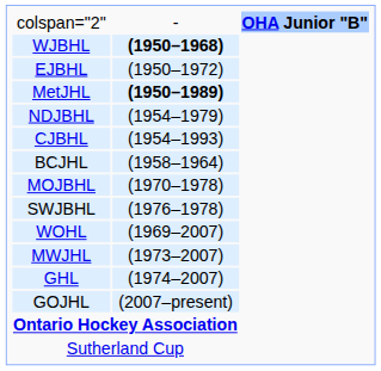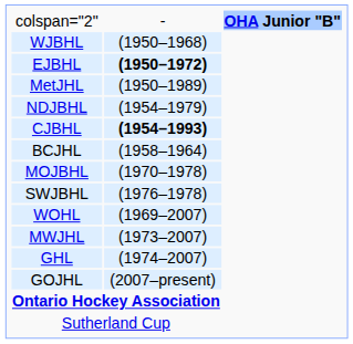 <table class="infobox" style=" text-align:center; border:1px solid #8Af; font-size: 95%;">
 <tr>
 <td>colspan="2"</td>
 <td>-</td>
 <th colspan="2" style="background-color:#acf;"><a href='#'>OHA</a> Junior "B"</th>
 </tr>
 <tr style="background-color:#def;">
 <td><a href='#'>WJBHL</a></td>
-<td><strong>(1950–1968)</strong></td>
+<td>(1950–1968)</td>
 </tr>
 <tr style="background-color:#def;">
 <td><a href='#'>EJBHL</a></td>
-<td>(1950–1972)</td>
+<td><strong>(1950–1972)</strong></td>
 </tr>
 <tr style="background-color:#def;">
 <td><a href='#'>MetJHL</a></td>
-<td><strong>(1950–1989)</strong></td>
+<td>(1950–1989)</td>
 </tr>
 <tr style="background-color:#def;">
 <td><a href='#'>NDJBHL</a></td>
 <td>(1954–1979)</td>
 </tr>
 <tr style="background-color:#def;">
 <td><a href='#'>CJBHL</a></td>
-<td>(1954–1993)</td>
+<td><strong>(1954–1993)</strong></td>
 </tr>
 <tr style="background-color:#def;">
 <td>BCJHL</td>
 <td>(1958–1964)</td>
 </tr>
 <tr style="background-color:#def;">
 <td><a href='#'>MOJBHL</a></td>
 <td>(1970–1978)</td>
 </tr>
 <tr style="background-color:#def;">
 <td>SWJBHL</td>
 <td>(1976–1978)</td>
 </tr>
 <tr style="background-color:#def;">
 <td><a href='#'>WOHL</a></td>
 <td>(1969–2007)</td>
 </tr>
 <tr style="background-color:#def;">
 <td><a href='#'>MWJHL</a></td>
 <td>(1973–2007)</td>
 </tr>
 <tr style="background-color:#def;">
 <td><a href='#'>GHL</a></td>
 <td>(1974–2007)</td>
 </tr>
 <tr style="background-color:#def;">
 <td>GOJHL</td>
 <td>(2007–present)</td>
 </tr>
 <tr>
 <td colspan="2"><strong><a href='#'>Ontario Hockey Association</a></strong></td>
 </tr>
 <tr>
 <td colspan="2"><a href='#'>Sutherland Cup</a></td>
 </tr>
 </table>
